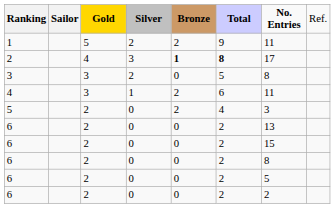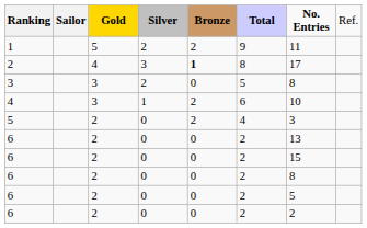 <table class="wikitable sortable">
 <tr>
 <th align=center><strong>Ranking</strong></th>
 <th align=center><strong>Sailor</strong></th>
 <td style="background:gold; width:60px; text-align:center;"><strong>Gold</strong></td>
 <td style="background:silver; width:60px; text-align:center;"><strong>Silver</strong></td>
 <td style="background:#c96; width:60px; text-align:center;"><strong>Bronze</strong></td>
 <td style="background:#ccf; width:60px; text-align:center;"><strong>Total</strong></td>
 <td style="width:60px; text-align:center;"><strong>No. Entries</strong></td>
 <td>Ref.</td>
 </tr>
 <tr>
 <td>1</td>
 <td></td>
 <td>5</td>
 <td>2</td>
 <td>2</td>
 <td>9</td>
 <td>11</td>
 <td></td>
 </tr>
 <tr>
 <td>2</td>
 <td></td>
 <td>4</td>
 <td>3</td>
 <td><strong>1</strong></td>
-<td><strong>8</strong></td>
+<td>8</td>
 <td>17</td>
 <td></td>
 </tr>
 <tr>
 <td>3</td>
 <td></td>
 <td>3</td>
 <td>2</td>
 <td>0</td>
 <td>5</td>
 <td>8</td>
 <td></td>
 </tr>
 <tr>
 <td>4</td>
 <td></td>
 <td>3</td>
 <td>1</td>
 <td>2</td>
 <td>6</td>
-<td>11</td>
+<td>10</td>
 <td></td>
 </tr>
 <tr>
 <td>5</td>
 <td></td>
 <td>2</td>
 <td>0</td>
 <td>2</td>
 <td>4</td>
 <td>3</td>
 <td></td>
 </tr>
 <tr>
 <td>6</td>
 <td></td>
 <td>2</td>
 <td>0</td>
 <td>0</td>
 <td>2</td>
 <td>13</td>
 <td></td>
 </tr>
 <tr>
 <td>6</td>
 <td></td>
 <td>2</td>
 <td>0</td>
 <td>0</td>
 <td>2</td>
 <td>15</td>
 <td></td>
 </tr>
 <tr>
 <td>6</td>
 <td></td>
 <td>2</td>
 <td>0</td>
 <td>0</td>
 <td>2</td>
 <td>8</td>
 <td></td>
 </tr>
 <tr>
 <td>6</td>
 <td></td>
 <td>2</td>
 <td>0</td>
 <td>0</td>
 <td>2</td>
 <td>5</td>
 <td></td>
 </tr>
 <tr>
 <td>6</td>
 <td></td>
 <td>2</td>
 <td>0</td>
 <td>0</td>
 <td>2</td>
 <td>2</td>
 <td></td>
 </tr>
 </table>
